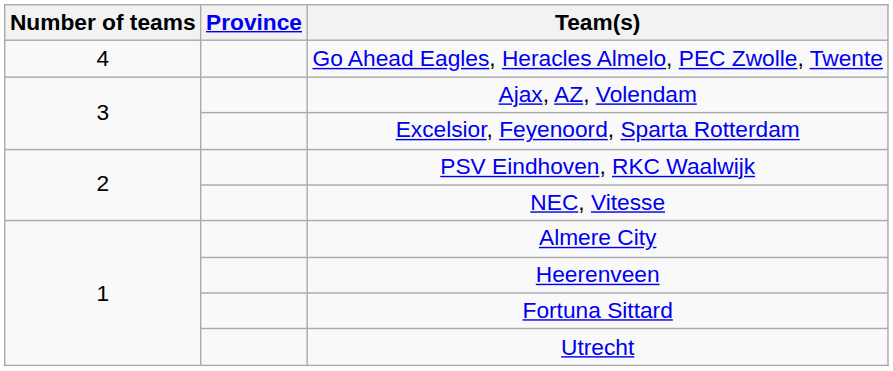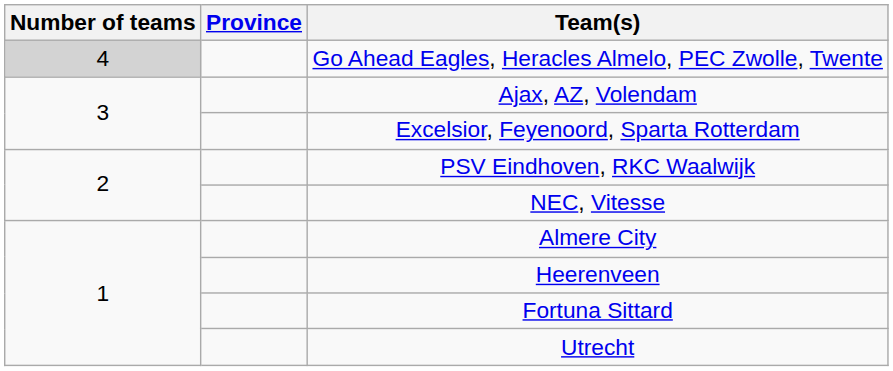 <table class="wikitable" style="text-align:center">
 <tr>
 <th>Number of teams</th>
 <th><a href='#'>Province</a></th>
 <th>Team(s)</th>
 </tr>
 <tr>
-<td>4</td>
+<td style="background: lightgrey;">4</td>
 <td align="left"></td>
 <td><a href='#'>Go Ahead Eagles</a>, <a href='#'>Heracles Almelo</a>, <a href='#'>PEC Zwolle</a>, <a href='#'>Twente</a></td>
 </tr>
 <tr>
 <td rowspan="2">3</td>
 <td align="left"></td>
 <td><a href='#'>Ajax</a>, <a href='#'>AZ</a>, <a href='#'>Volendam</a></td>
 </tr>
 <tr>
 <td align="left"></td>
 <td><a href='#'>Excelsior</a>, <a href='#'>Feyenoord</a>, <a href='#'>Sparta Rotterdam</a></td>
 </tr>
 <tr>
 <td rowspan="2">2</td>
 <td align="left"></td>
 <td><a href='#'>PSV Eindhoven</a>, <a href='#'>RKC Waalwijk</a></td>
 </tr>
 <tr>
 <td align="left"></td>
 <td><a href='#'>NEC</a>, <a href='#'>Vitesse</a></td>
 </tr>
 <tr>
 <td rowspan="4">1</td>
 <td align="left"></td>
 <td><a href='#'>Almere City</a></td>
 </tr>
 <tr>
 <td align="left"></td>
 <td><a href='#'>Heerenveen</a></td>
 </tr>
 <tr>
 <td align="left"></td>
 <td><a href='#'>Fortuna Sittard</a></td>
 </tr>
 <tr>
 <td align="left"></td>
 <td><a href='#'>Utrecht</a></td>
 </tr>
 </table>
